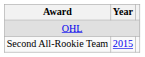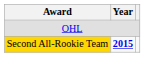 <table class="wikitable">
 <tr>
 <th>Award</th>
 <th>Year</th>
 <th></th>
 </tr>
 <tr ALIGN="center" bgcolor="#e0e0e0">
 <td colspan="3"><a href='#'>OHL</a></td>
 </tr>
 <tr>
-<td>Second All-Rookie Team</td>
-<td><a href='#'>2015</a></td>
+<td style="background: gold;">Second All-Rookie Team</td>
+<td><strong><a href='#'>2015</a></strong></td>
 <td></td>
 </tr>
 </table>
